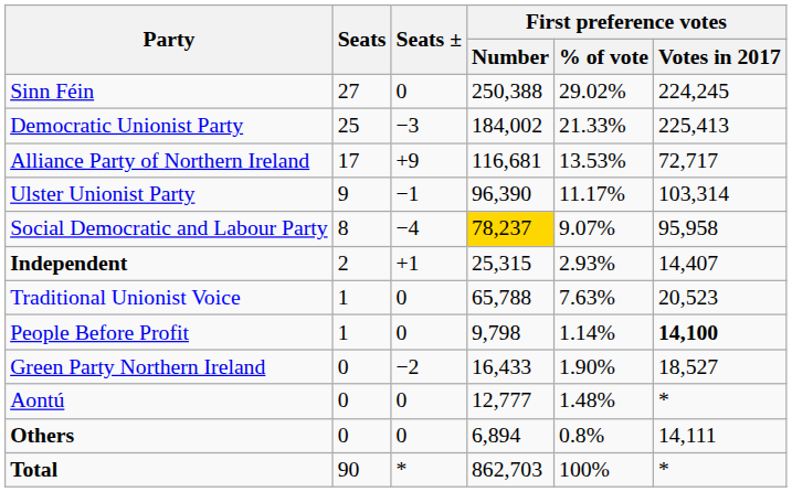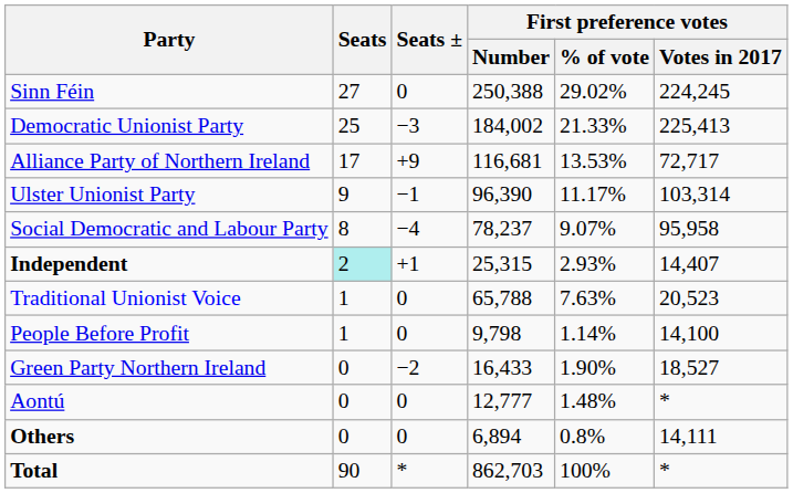 <table class="wikitable">
 <tr>
 <th rowspan="2">Party</th>
 <th rowspan="2">Seats</th>
 <th rowspan="2">Seats ±</th>
 <th colspan="3">First preference votes</th>
 </tr>
 <tr>
 <th>Number</th>
 <th>% of vote</th>
 <th>Votes in 2017</th>
 </tr>
 <tr style="text-align:left;">
 <td><a href='#'>Sinn Féin</a></td>
 <td>27</td>
 <td>0</td>
 <td>250,388</td>
 <td>29.02%</td>
 <td>224,245</td>
 </tr>
 <tr style="text-align:left;">
 <td><a href='#'>Democratic Unionist Party</a></td>
 <td>25</td>
 <td>−3</td>
 <td>184,002</td>
 <td>21.33%</td>
 <td>225,413</td>
 </tr>
 <tr style="text-align:left;">
 <td><a href='#'>Alliance Party of Northern Ireland</a></td>
 <td>17</td>
 <td>+9</td>
 <td>116,681</td>
 <td>13.53%</td>
 <td>72,717</td>
 </tr>
 <tr style="text-align:left;">
 <td><a href='#'>Ulster Unionist Party</a></td>
 <td>9</td>
 <td>−1</td>
 <td>96,390</td>
 <td>11.17%</td>
 <td>103,314</td>
 </tr>
 <tr style="text-align:left;">
 <td><a href='#'>Social Democratic and Labour Party</a></td>
 <td>8</td>
 <td>−4</td>
-<td style="background: gold;">78,237</td>
+<td>78,237</td>
 <td>9.07%</td>
 <td>95,958</td>
 </tr>
 <tr style="text-align:left;">
 <td><strong>Independent</strong></td>
-<td>2</td>
+<td style="background: paleturquoise;">2</td>
 <td>+1</td>
 <td>25,315</td>
 <td>2.93%</td>
 <td>14,407</td>
 </tr>
 <tr style="text-align:left;">
 <td style="color: Blue">Traditional Unionist Voice</td>
 <td>1</td>
 <td>0</td>
 <td>65,788</td>
 <td>7.63%</td>
 <td>20,523</td>
 </tr>
 <tr style="text-align:left;">
 <td><a href='#'>People Before Profit</a></td>
 <td>1</td>
 <td>0</td>
 <td>9,798</td>
 <td>1.14%</td>
-<td><strong>14,100</strong></td>
+<td>14,100</td>
 </tr>
 <tr style="text-align:left;">
 <td><a href='#'>Green Party Northern Ireland</a></td>
 <td>0</td>
 <td>−2</td>
 <td>16,433</td>
 <td>1.90%</td>
 <td>18,527</td>
 </tr>
 <tr style="text-align:left;">
 <td><a href='#'>Aontú</a></td>
 <td>0</td>
 <td>0</td>
 <td>12,777</td>
 <td>1.48%</td>
 <td>*</td>
 </tr>
 <tr style="text-align:left;">
 <td><strong>Others</strong></td>
 <td>0</td>
 <td>0</td>
 <td>6,894</td>
 <td>0.8%</td>
 <td>14,111</td>
 </tr>
 <tr style="text-align:left;">
 <td><strong>Total</strong></td>
 <td>90</td>
 <td>*</td>
 <td>862,703</td>
 <td>100%</td>
 <td>*</td>
 </tr>
 </table>
